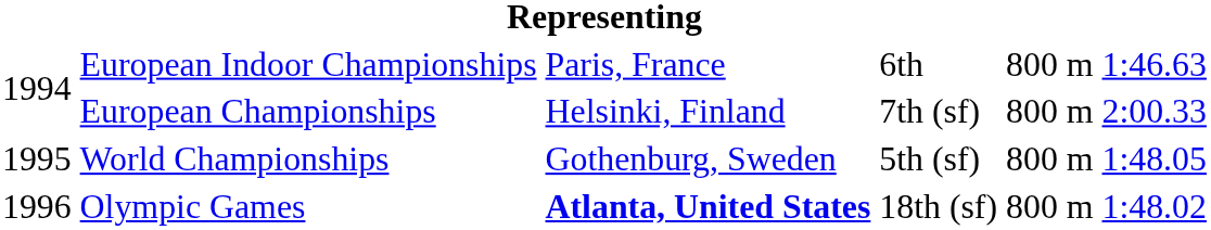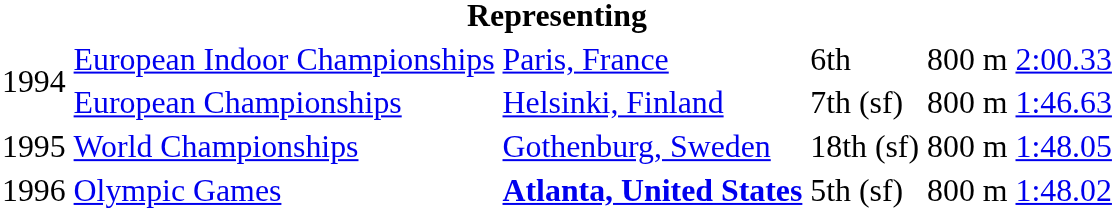 <table>
 <tr>
 <th colspan="6">Representing </th>
 </tr>
 <tr>
 <td rowspan=2>1994</td>
 <td><a href='#'>European Indoor Championships</a></td>
 <td><a href='#'>Paris, France</a></td>
 <td>6th</td>
 <td>800 m</td>
-<td><a href='#'>1:46.63</a></td>
+<td><a href='#'>2:00.33</a></td>
 </tr>
 <tr>
 <td><a href='#'>European Championships</a></td>
 <td><a href='#'>Helsinki, Finland</a></td>
 <td>7th (sf)</td>
 <td>800 m</td>
-<td><a href='#'>2:00.33</a></td>
+<td><a href='#'>1:46.63</a></td>
 </tr>
 <tr>
 <td>1995</td>
 <td><a href='#'>World Championships</a></td>
 <td><a href='#'>Gothenburg, Sweden</a></td>
-<td>5th (sf)</td>
+<td>18th (sf)</td>
 <td>800 m</td>
 <td><a href='#'>1:48.05</a></td>
 </tr>
 <tr>
 <td>1996</td>
 <td><a href='#'>Olympic Games</a></td>
 <td><strong><a href='#'>Atlanta, United States</a></strong></td>
-<td>18th (sf)</td>
+<td>5th (sf)</td>
 <td>800 m</td>
 <td><a href='#'>1:48.02</a></td>
 </tr>
 </table>
